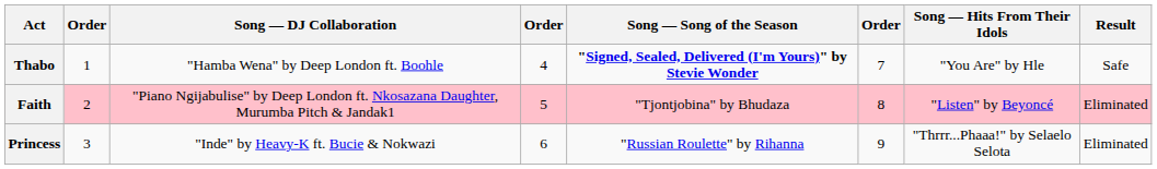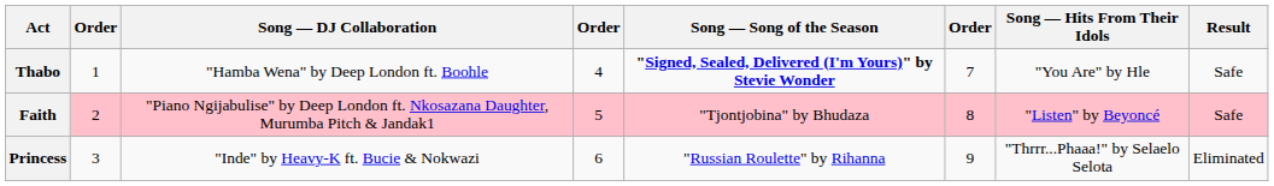 <table class="wikitable plainrowheaders" style="text-align:center;">
 <tr>
 <th scope"col">Act</th>
 <th scope"col">Order</th>
 <th scope"col">Song — DJ Collaboration</th>
 <th scope"col">Order</th>
 <th scope"col">Song — Song of the Season</th>
 <th scope"col">Order</th>
 <th scope"col">Song — Hits From Their Idols</th>
 <th scope"col">Result</th>
 </tr>
 <tr>
 <th scope=row>Thabo</th>
 <td>1</td>
 <td>"Hamba Wena" by Deep London ft. <a href='#'>Boohle</a></td>
 <td>4</td>
 <td><strong>"<a href='#'>Signed, Sealed, Delivered (I'm Yours)</a>" by <a href='#'>Stevie Wonder</a></strong></td>
 <td>7</td>
 <td>"You Are" by Hle</td>
 <td>Safe</td>
 </tr>
 <tr bgcolor="pink">
 <th scope=row>Faith</th>
 <td>2</td>
 <td>"Piano Ngijabulise" by Deep London ft. <a href='#'>Nkosazana Daughter</a>, Murumba Pitch & Jandak1</td>
 <td>5</td>
 <td>"Tjontjobina" by Bhudaza</td>
 <td>8</td>
 <td>"<a href='#'>Listen</a>" by <a href='#'>Beyoncé</a></td>
-<td>Eliminated</td>
+<td>Safe</td>
 </tr>
 <tr>
 <th scope=row>Princess</th>
 <td>3</td>
 <td>"Inde" by <a href='#'>Heavy-K</a> ft. <a href='#'>Bucie</a> & Nokwazi</td>
 <td>6</td>
 <td>"<a href='#'>Russian Roulette</a>" by <a href='#'>Rihanna</a></td>
 <td>9</td>
 <td>"Thrrr...Phaaa!" by Selaelo Selota</td>
 <td>Eliminated</td>
 </tr>
 </table>
